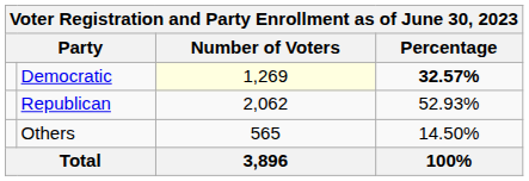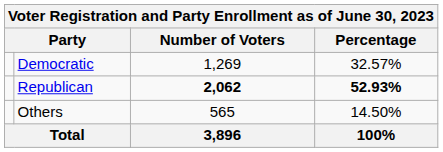 <table class=wikitable>
 <tr>
 <th colspan = 6>Voter Registration and Party Enrollment as of June 30, 2023</th>
 </tr>
 <tr>
 <th colspan = 2>Party</th>
 <th>Number of Voters</th>
 <th>Percentage</th>
 </tr>
 <tr>
 <td></td>
 <td><a href='#'>Democratic</a></td>
-<td align = center style="background: lightyellow;">1,269</td>
-<td align = center><strong>32.57%</strong></td>
+<td align = center>1,269</td>
+<td align = center>32.57%</td>
 </tr>
 <tr>
 <td></td>
 <td><a href='#'>Republican</a></td>
-<td align = center>2,062</td>
-<td align = center>52.93%</td>
+<td align = center><strong>2,062</strong></td>
+<td align = center><strong>52.93%</strong></td>
 </tr>
 <tr>
 <td></td>
 <td>Others</td>
 <td align = center>565</td>
 <td align = center>14.50%</td>
 </tr>
 <tr>
 <th colspan = 2>Total</th>
 <th align = center>3,896</th>
 <th align = center>100%</th>
 </tr>
 </table>
